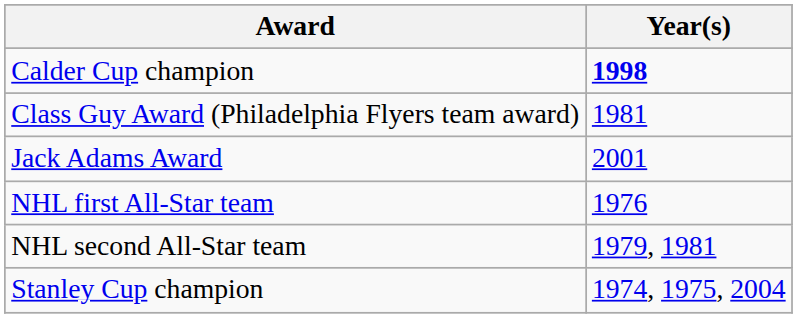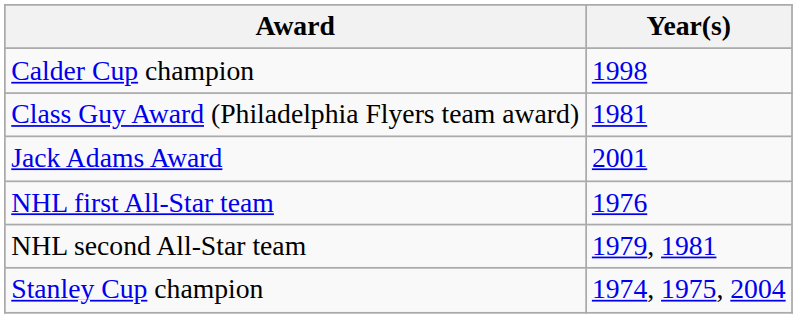 <table class="wikitable">
 <tr>
 <th>Award</th>
 <th>Year(s)</th>
 </tr>
 <tr>
 <td><a href='#'>Calder Cup</a> champion</td>
-<td><strong><a href='#'>1998</a></strong></td>
+<td><a href='#'>1998</a></td>
 </tr>
 <tr>
 <td><a href='#'>Class Guy Award</a> (Philadelphia Flyers team award)</td>
 <td><a href='#'>1981</a></td>
 </tr>
 <tr>
 <td><a href='#'>Jack Adams Award</a></td>
 <td><a href='#'>2001</a></td>
 </tr>
 <tr>
 <td><a href='#'>NHL first All-Star team</a></td>
 <td><a href='#'>1976</a></td>
 </tr>
 <tr>
 <td>NHL second All-Star team</td>
 <td><a href='#'>1979</a>, <a href='#'>1981</a></td>
 </tr>
 <tr>
 <td><a href='#'>Stanley Cup</a> champion</td>
 <td><a href='#'>1974</a>, <a href='#'>1975</a>, <a href='#'>2004</a></td>
 </tr>
 </table>
